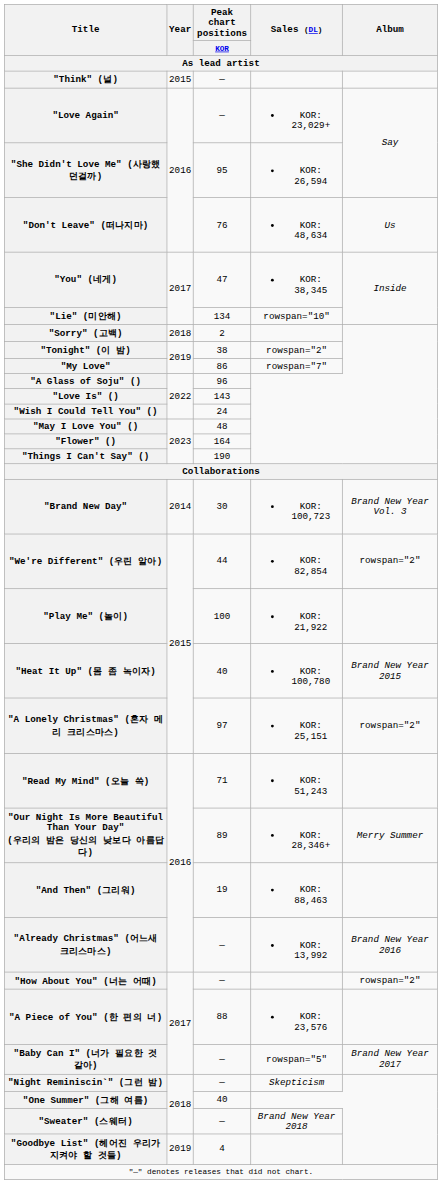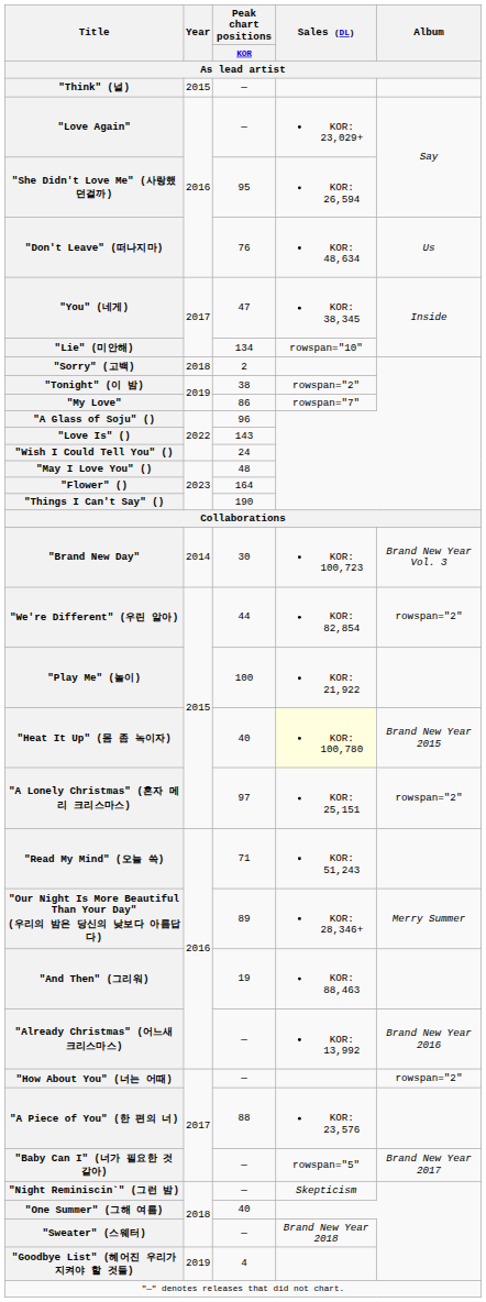 <table class="wikitable plainrowheaders" style="text-align:center;">
 <tr>
 <th scope="col" rowspan="2">Title</th>
 <th scope="col" rowspan="2">Year</th>
 <th scope="col" colspan="1">Peak chart <br> positions</th>
 <th scope="col" rowspan="2">Sales <small>(<a href='#'>DL</a>)</small></th>
 <th scope="col" rowspan="2">Album</th>
 </tr>
 <tr>
 <th><small><a href='#'>KOR</a></small><br></th>
 </tr>
 <tr>
 <th scope="col" colspan="5">As lead artist</th>
 </tr>
 <tr>
 <th scope="row">"Think" (널)</th>
 <td>2015</td>
 <td>—</td>
 <td></td>
 <td></td>
 </tr>
 <tr>
 <th scope="row">"Love Again"<br></th>
 <td rowspan="3">2016</td>
 <td>—</td>
 <td><br><ul><li>KOR: 23,029+</li></ul></td>
 <td rowspan="2"><em>Say</em></td>
 </tr>
 <tr>
 <th scope="row">"She Didn't Love Me" (사랑했던걸까)</th>
 <td>95</td>
 <td><br><ul><li>KOR: 26,594</li></ul></td>
 </tr>
 <tr>
 <th scope="row">"Don't Leave" (떠나지마)</th>
 <td>76</td>
 <td><br><ul><li>KOR: 48,634</li></ul></td>
 <td><em>Us</em></td>
 </tr>
 <tr>
 <th scope="row">"You" (네게)</th>
 <td rowspan="2">2017</td>
 <td>47</td>
 <td><br><ul><li>KOR: 38,345</li></ul></td>
 <td rowspan="2"><em>Inside</em></td>
 </tr>
 <tr>
 <th scope="row">"Lie" (미안해)</th>
 <td>134</td>
 <td>rowspan="10" </td>
 </tr>
 <tr>
 <th scope="row">"Sorry" (고백)</th>
 <td>2018</td>
 <td>2</td>
 <td></td>
 </tr>
 <tr>
 <th scope="row">"Tonight" (이 밤)</th>
 <td rowspan="2">2019</td>
 <td>38</td>
 <td>rowspan="2" </td>
 </tr>
 <tr>
 <th scope="row">"My Love"</th>
 <td>86</td>
 <td>rowspan="7" </td>
 </tr>
 <tr>
 <th scope="row">"A Glass of Soju" ()</th>
 <td rowspan="3">2022</td>
 <td>96</td>
 </tr>
 <tr>
 <th scope="row">"Love Is" ()<br></th>
 <td>143</td>
 </tr>
 <tr>
 <th scope="row">"Wish I Could Tell You" ()</th>
 <td>24</td>
 </tr>
 <tr>
 <th scope="row">"May I Love You" ()</th>
 <td rowspan="3">2023</td>
 <td>48</td>
 </tr>
 <tr>
 <th scope="row">"Flower" ()</th>
 <td>164</td>
 </tr>
 <tr>
 <th scope="row">"Things I Can't Say" ()</th>
 <td>190</td>
 </tr>
 <tr>
 <th scope="col" colspan="5">Collaborations</th>
 </tr>
 <tr>
 <th scope="row">"Brand New Day"<br></th>
 <td>2014</td>
 <td>30</td>
 <td><br><ul><li>KOR: 100,723</li></ul></td>
 <td><em>Brand New Year Vol. 3</em></td>
 </tr>
 <tr>
 <th scope="row">"We're Different" (우린 알아)<br></th>
 <td rowspan="4">2015</td>
 <td>44</td>
 <td><br><ul><li>KOR: 82,854</li></ul></td>
 <td>rowspan="2" </td>
 </tr>
 <tr>
 <th scope="row">"Play Me" (놀이)<br></th>
 <td>100</td>
 <td><br><ul><li>KOR: 21,922</li></ul></td>
 </tr>
 <tr>
 <th scope="row">"Heat It Up" (몸 좀 녹이자)<br></th>
 <td>40</td>
-<td><br><ul><li>KOR: 100,780</li></ul></td>
+<td style="background: lightyellow;"><br><ul><li>KOR: 100,780</li></ul></td>
 <td><em>Brand New Year 2015</em></td>
 </tr>
 <tr>
 <th scope="row">"A Lonely Christmas" (혼자 메리 크리스마스)<br></th>
 <td>97</td>
 <td><br><ul><li>KOR: 25,151</li></ul></td>
 <td>rowspan="2" </td>
 </tr>
 <tr>
 <th scope="row">"Read My Mind" (오늘 쓱)<br></th>
 <td rowspan="4">2016</td>
 <td>71</td>
 <td><br><ul><li>KOR: 51,243</li></ul></td>
 </tr>
 <tr>
 <th scope="row">"Our Night Is More Beautiful Than Your Day"<br>(우리의 밤은 당신의 낮보다 아름답다)<br></th>
 <td>89</td>
 <td><br><ul><li>KOR: 28,346+</li></ul></td>
 <td><em>Merry Summer</em></td>
 </tr>
 <tr>
 <th scope="row">"And Then" (그리워)<br></th>
 <td>19</td>
 <td><br><ul><li>KOR: 88,463</li></ul></td>
 <td></td>
 </tr>
 <tr>
 <th scope="row">"Already Christmas" (어느새 크리스마스)<br></th>
 <td>—</td>
 <td><br><ul><li>KOR: 13,992</li></ul></td>
 <td><em>Brand New Year 2016</em></td>
 </tr>
 <tr>
 <th scope="row">"How About You" (너는 어때)<br></th>
 <td rowspan="3">2017</td>
 <td>—</td>
 <td></td>
 <td>rowspan="2" </td>
 </tr>
 <tr>
 <th scope="row">"A Piece of You" (한 편의 너)<br></th>
 <td>88</td>
 <td><br><ul><li>KOR: 23,576</li></ul></td>
 </tr>
 <tr>
 <th scope="row">"Baby Can I" (너가 필요한 것 같아)<br></th>
 <td>—</td>
 <td>rowspan="5" </td>
 <td><em>Brand New Year 2017</em></td>
 </tr>
 <tr>
 <th scope="row">"Night Reminiscin`" (그런 밤)<br></th>
 <td rowspan="3">2018</td>
 <td>—</td>
 <td><em>Skepticism</em></td>
 </tr>
 <tr>
 <th scope="row">"One Summer" (그해 여름)<br></th>
 <td>40</td>
 </tr>
 <tr>
 <th scope="row">"Sweater" (스웨터)<br></th>
 <td>—</td>
 <td><em>Brand New Year 2018</em></td>
 </tr>
 <tr>
 <th scope="row">"Goodbye List" (헤어진 우리가 지켜야 할 것들)<br></th>
 <td>2019</td>
 <td>4</td>
 <td></td>
 </tr>
 <tr>
 <td colspan="5" align="center"><small>"—" denotes releases that did not chart.</small></td>
 </tr>
 </table>
